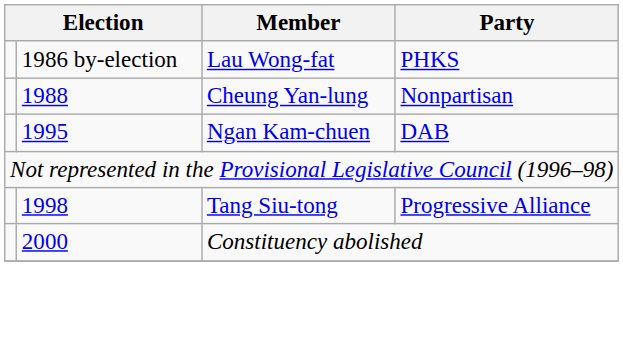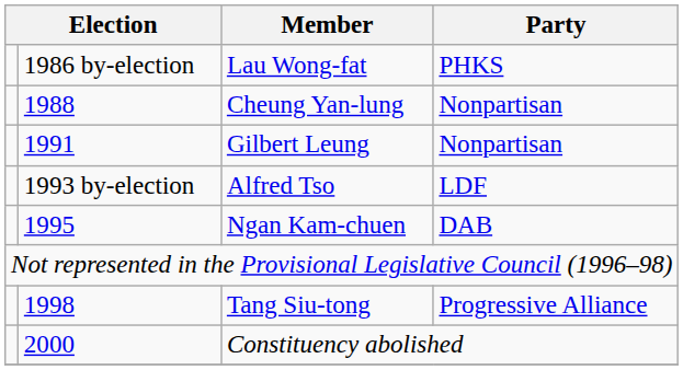 <table class="wikitable">
 <tr>
 <th colspan="2">Election</th>
 <th>Member</th>
 <th>Party</th>
 </tr>
 <tr>
 <td style="background-color: "></td>
 <td>1986 by-election</td>
 <td><a href='#'>Lau Wong-fat</a></td>
 <td><a href='#'>PHKS</a></td>
 </tr>
 <tr>
 <td style="background-color: "></td>
 <td><a href='#'>1988</a></td>
 <td><a href='#'>Cheung Yan-lung</a></td>
 <td><a href='#'>Nonpartisan</a></td>
+</tr>
+<tr>
+<td style="background-color: "></td>
+<td><a href='#'>1991</a></td>
+<td><a href='#'>Gilbert Leung</a></td>
+<td><a href='#'>Nonpartisan</a></td>
+</tr>
+<tr>
+<td style="background-color: "></td>
+<td>1993 by-election</td>
+<td><a href='#'>Alfred Tso</a></td>
+<td><a href='#'>LDF</a></td>
 </tr>
 <tr>
 <td style="background-color: "></td>
 <td><a href='#'>1995</a></td>
 <td><a href='#'>Ngan Kam-chuen</a></td>
 <td><a href='#'>DAB</a></td>
 </tr>
 <tr>
 <td colspan=4><em>Not represented in the <a href='#'>Provisional Legislative Council</a> (1996–98)</em></td>
 </tr>
 <tr>
 <td style="background-color: "></td>
 <td><a href='#'>1998</a></td>
 <td><a href='#'>Tang Siu-tong</a></td>
 <td><a href='#'>Progressive Alliance</a></td>
 </tr>
 <tr>
 <td></td>
 <td><a href='#'>2000</a></td>
 <td colspan=2><em>Constituency abolished</em></td>
 </tr>
 <tr>
 </tr>
 </table>
